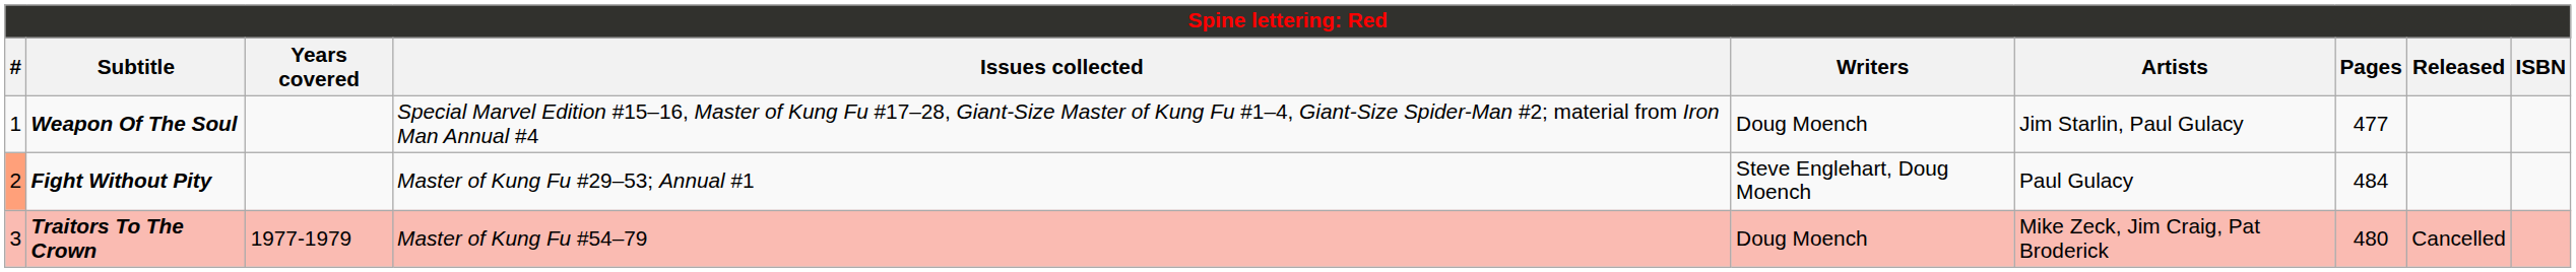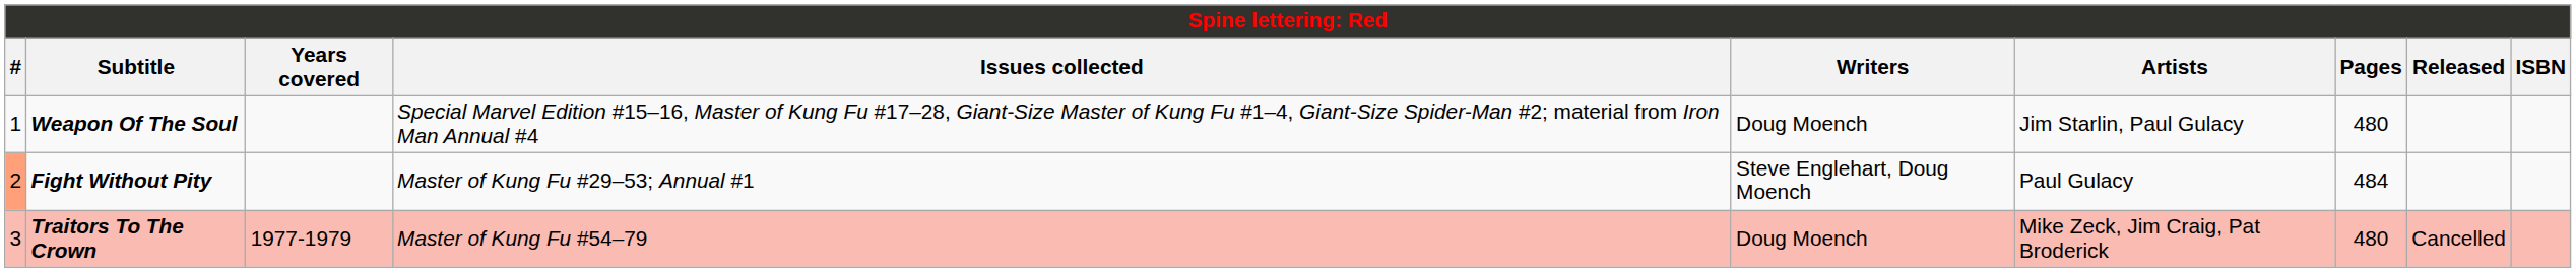 <table class="wikitable sortable" width=98%>
 <tr>
 <th colspan=9 style="background-color: #31312D; color: red;">Spine lettering: Red</th>
 </tr>
 <tr>
 <th class="unsortable">#</th>
 <th class="unsortable">Subtitle</th>
 <th>Years covered</th>
 <th class="unsortable">Issues collected</th>
 <th class="unsortable">Writers</th>
 <th class="unsortable">Artists</th>
 <th class="unsortable">Pages</th>
 <th>Released</th>
 <th class="unsortable">ISBN</th>
 </tr>
 <tr>
 <td>1</td>
 <td><strong><em>Weapon Of The Soul</em></strong></td>
 <td></td>
 <td><em>Special Marvel Edition</em> #15–16, <em>Master of Kung Fu</em> #17–28, <em>Giant-Size Master of Kung Fu</em> #1–4, <em>Giant-Size Spider-Man</em> #2; material from <em>Iron Man Annual</em> #4</td>
 <td>Doug Moench</td>
 <td>Jim Starlin, Paul Gulacy</td>
-<td style="text-align: center;">477</td>
+<td style="text-align: center;">480</td>
 <td></td>
 <td></td>
 </tr>
 <tr>
 <td style="background: lightsalmon;">2</td>
 <td><strong><em>Fight Without Pity</em></strong></td>
 <td></td>
 <td><em>Master of Kung Fu</em> #29–53; <em>Annual</em> #1</td>
 <td>Steve Englehart, Doug Moench</td>
 <td>Paul Gulacy</td>
 <td style="text-align: center;">484</td>
 <td></td>
 <td></td>
 </tr>
 <tr>
 <td style="background-color: #FABBB2">3</td>
 <td style="background-color: #FABBB2"><strong><em>Traitors To The Crown</em></strong></td>
 <td style="background-color: #FABBB2">1977-1979</td>
 <td style="background-color: #FABBB2"><em>Master of Kung Fu</em> #54–79</td>
 <td style="background-color: #FABBB2">Doug Moench</td>
 <td style="background-color: #FABBB2">Mike Zeck, Jim Craig, Pat Broderick</td>
 <td style="background-color: #FABBB2; text-align: center;">480</td>
 <td style="background-color: #FABBB2">Cancelled</td>
 <td style="background-color: #FABBB2"></td>
 </tr>
 </table>
